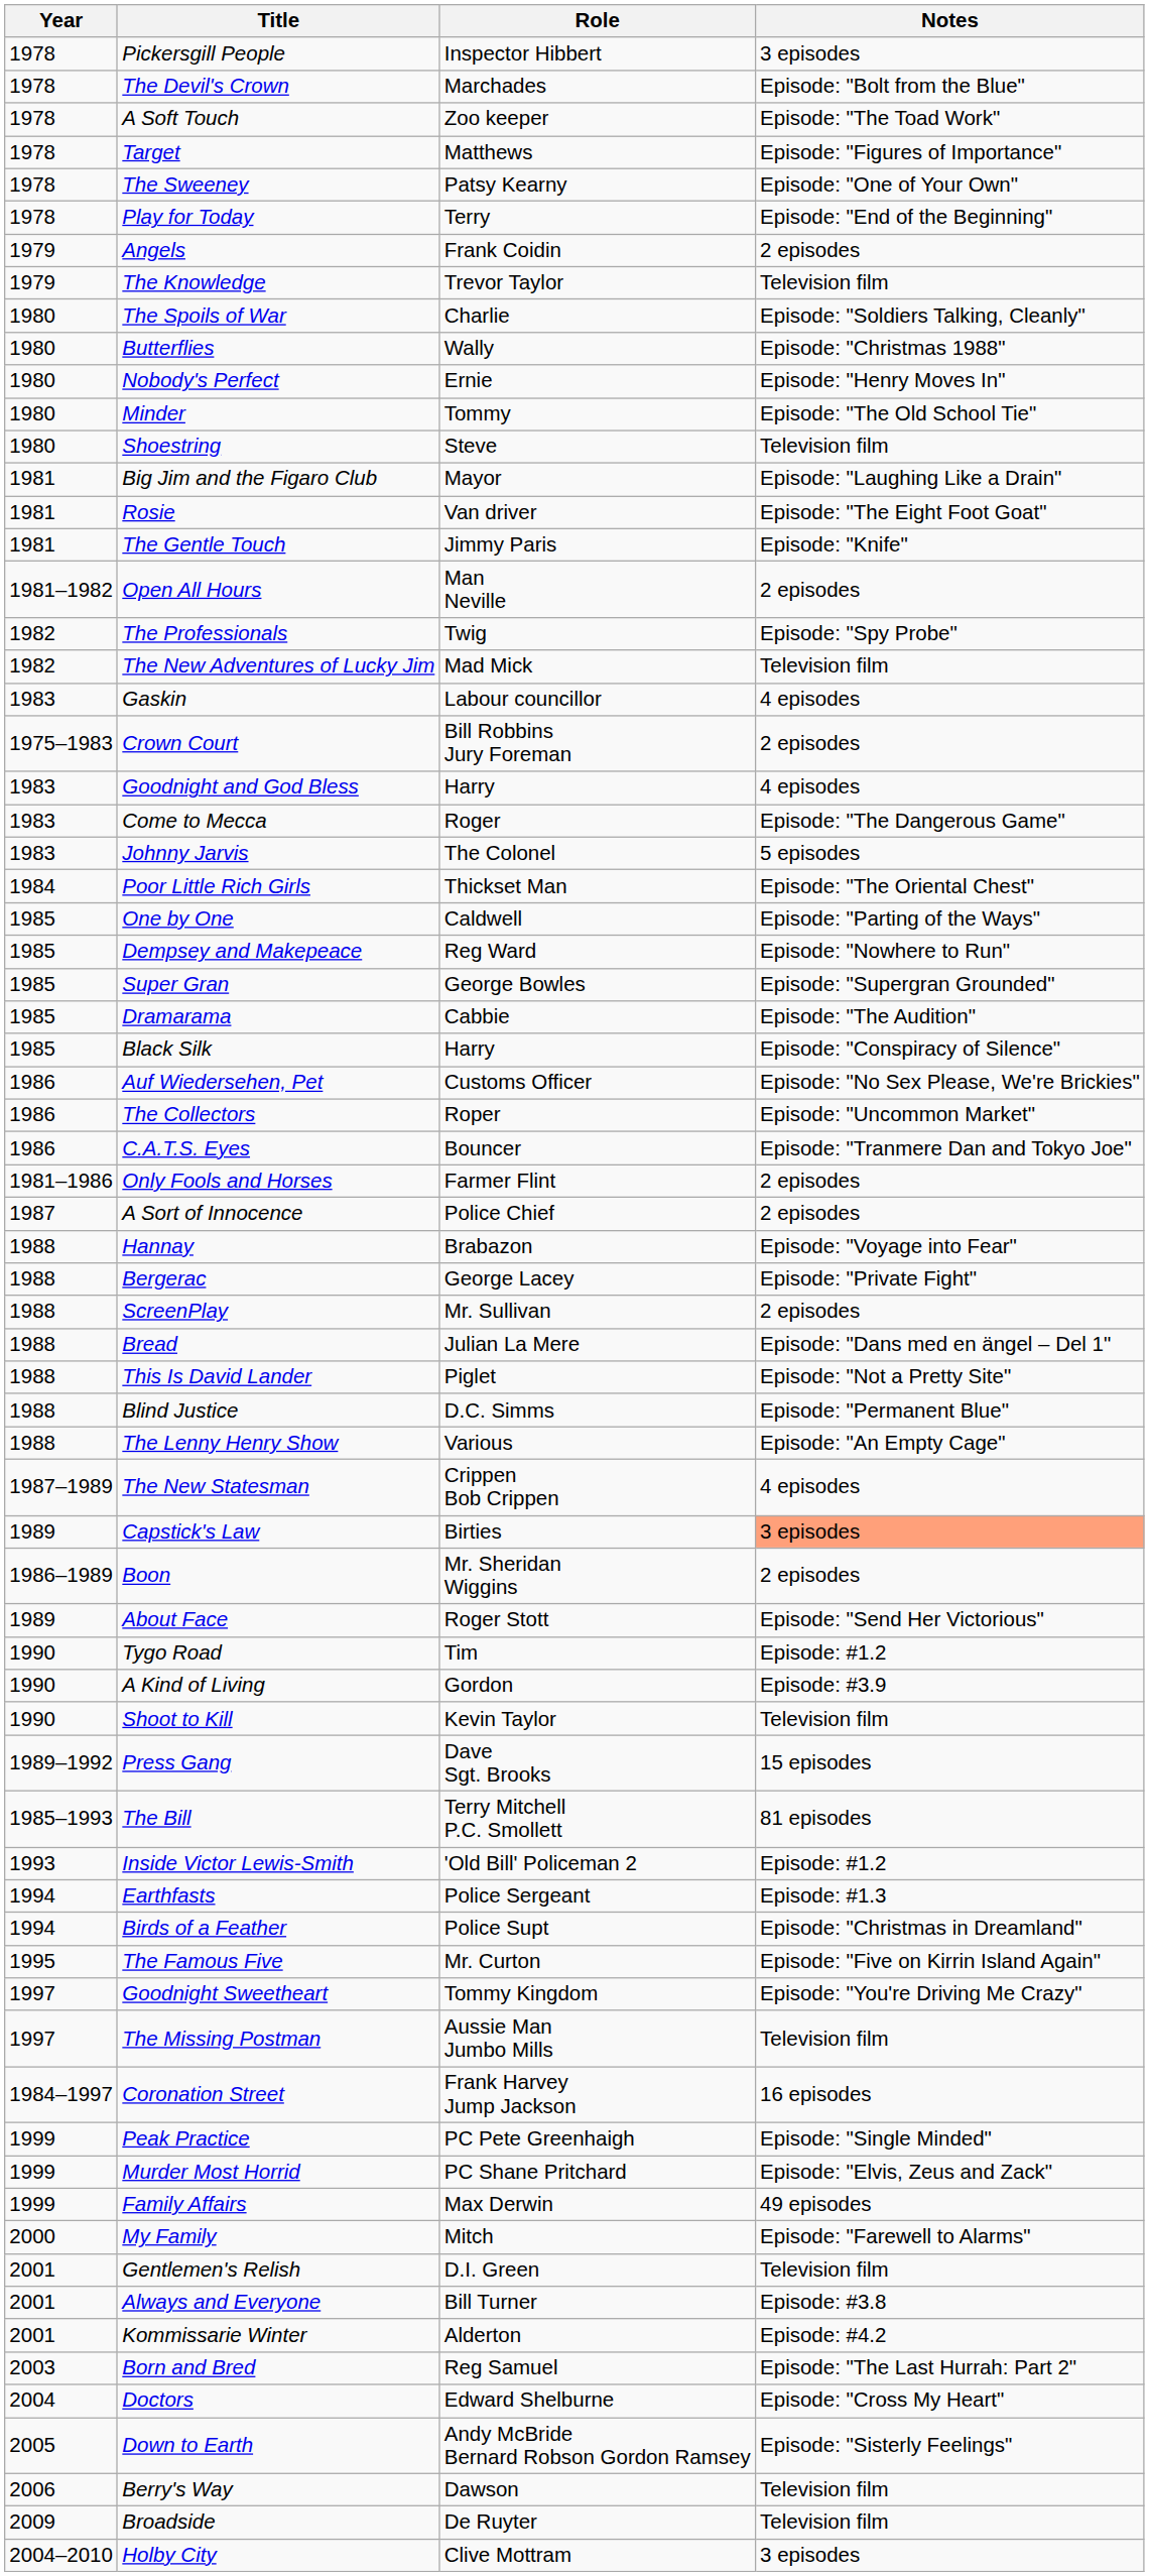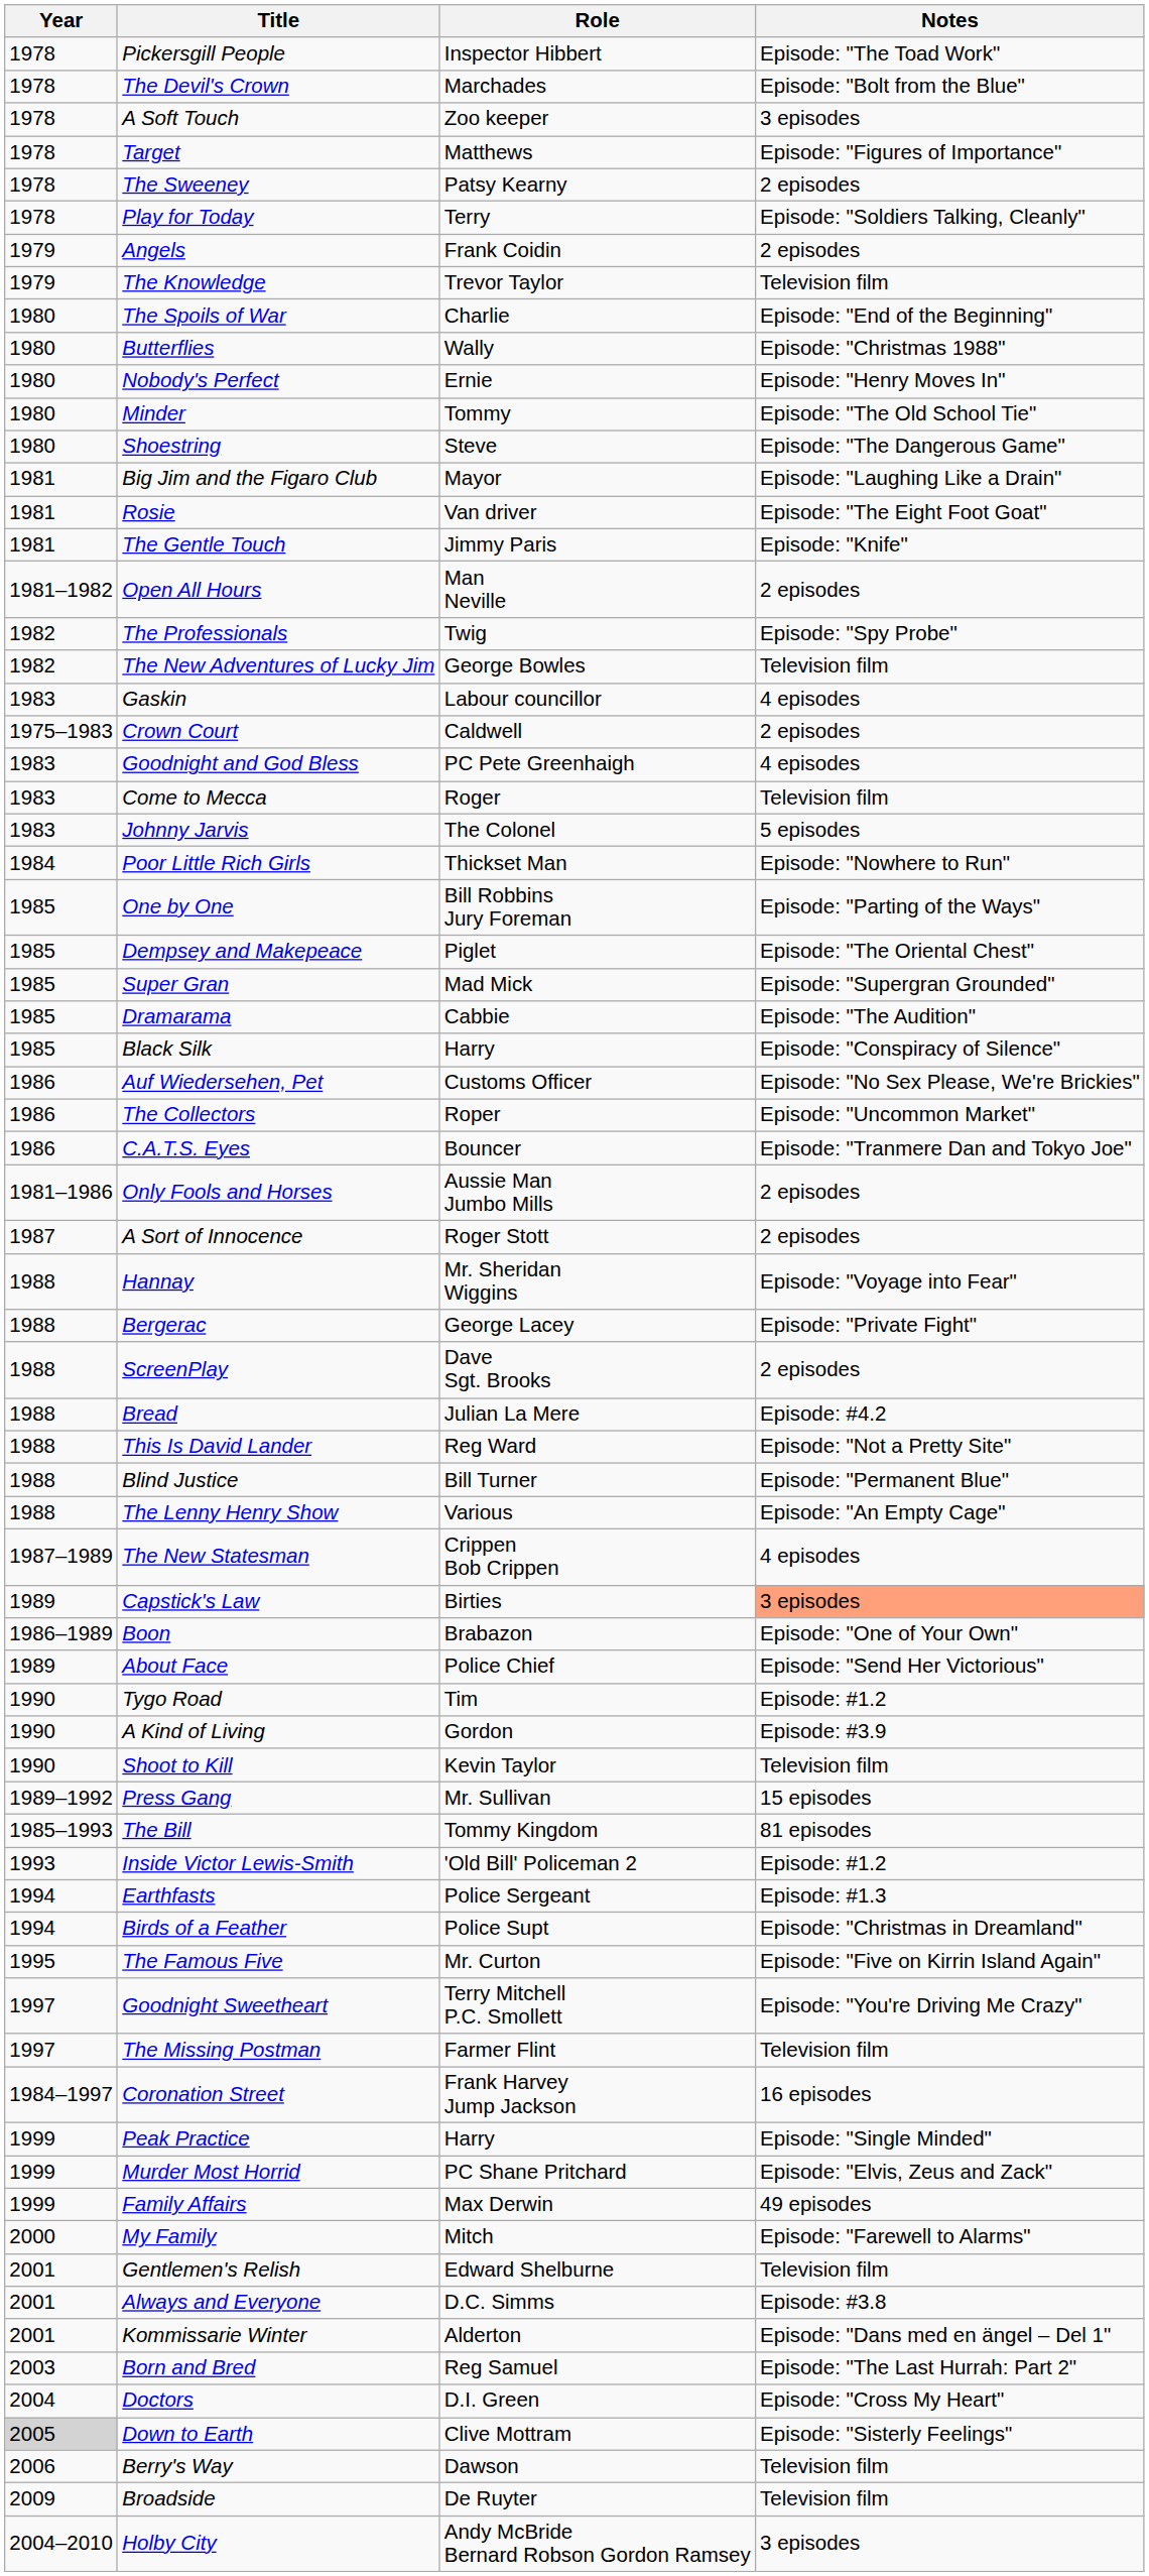 <table class="wikitable sortable">
 <tr>
 <th>Year</th>
 <th>Title</th>
 <th>Role</th>
 <th class="unsortable">Notes</th>
 </tr>
 <tr>
 <td>1978</td>
 <td><em>Pickersgill People</em></td>
 <td>Inspector Hibbert</td>
-<td>3 episodes</td>
+<td>Episode: "The Toad Work"</td>
 </tr>
 <tr>
 <td>1978</td>
 <td><em><a href='#'>The Devil's Crown</a></em></td>
 <td>Marchades</td>
 <td>Episode: "Bolt from the Blue"</td>
 </tr>
 <tr>
 <td>1978</td>
 <td><em>A Soft Touch</em></td>
 <td>Zoo keeper</td>
-<td>Episode: "The Toad Work"</td>
+<td>3 episodes</td>
 </tr>
 <tr>
 <td>1978</td>
 <td><em><a href='#'>Target</a></em></td>
 <td>Matthews</td>
 <td>Episode: "Figures of Importance"</td>
 </tr>
 <tr>
 <td>1978</td>
 <td><em><a href='#'>The Sweeney</a></em></td>
 <td>Patsy Kearny</td>
-<td>Episode: "One of Your Own"</td>
+<td>2 episodes</td>
 </tr>
 <tr>
 <td>1978</td>
 <td><em><a href='#'>Play for Today</a></em></td>
 <td>Terry</td>
-<td>Episode: "End of the Beginning"</td>
+<td>Episode: "Soldiers Talking, Cleanly"</td>
 </tr>
 <tr>
 <td>1979</td>
 <td><em><a href='#'>Angels</a></em></td>
 <td>Frank Coidin</td>
 <td>2 episodes</td>
 </tr>
 <tr>
 <td>1979</td>
 <td><em><a href='#'>The Knowledge</a></em></td>
 <td>Trevor Taylor</td>
 <td>Television film</td>
 </tr>
 <tr>
 <td>1980</td>
 <td><em><a href='#'>The Spoils of War</a></em></td>
 <td>Charlie</td>
-<td>Episode: "Soldiers Talking, Cleanly"</td>
+<td>Episode: "End of the Beginning"</td>
 </tr>
 <tr>
 <td>1980</td>
 <td><em><a href='#'>Butterflies</a></em></td>
 <td>Wally</td>
 <td>Episode: "Christmas 1988"</td>
 </tr>
 <tr>
 <td>1980</td>
 <td><em><a href='#'>Nobody's Perfect</a></em></td>
 <td>Ernie</td>
 <td>Episode: "Henry Moves In"</td>
 </tr>
 <tr>
 <td>1980</td>
 <td><em><a href='#'>Minder</a></em></td>
 <td>Tommy</td>
 <td>Episode: "The Old School Tie"</td>
 </tr>
 <tr>
 <td>1980</td>
 <td><em><a href='#'>Shoestring</a></em></td>
 <td>Steve</td>
-<td>Television film</td>
+<td>Episode: "The Dangerous Game"</td>
 </tr>
 <tr>
 <td>1981</td>
 <td><em>Big Jim and the Figaro Club</em></td>
 <td>Mayor</td>
 <td>Episode: "Laughing Like a Drain"</td>
 </tr>
 <tr>
 <td>1981</td>
 <td><em><a href='#'>Rosie</a></em></td>
 <td>Van driver</td>
 <td>Episode: "The Eight Foot Goat"</td>
 </tr>
 <tr>
 <td>1981</td>
 <td><em><a href='#'>The Gentle Touch</a></em></td>
 <td>Jimmy Paris</td>
 <td>Episode: "Knife"</td>
 </tr>
 <tr>
 <td>1981–1982</td>
 <td><em><a href='#'>Open All Hours</a></em></td>
 <td>Man<br>Neville</td>
 <td>2 episodes</td>
 </tr>
 <tr>
 <td>1982</td>
 <td><em><a href='#'>The Professionals</a></em></td>
 <td>Twig</td>
 <td>Episode: "Spy Probe"</td>
 </tr>
 <tr>
 <td>1982</td>
 <td><em><a href='#'>The New Adventures of Lucky Jim</a></em></td>
-<td>Mad Mick</td>
+<td>George Bowles</td>
 <td>Television film</td>
 </tr>
 <tr>
 <td>1983</td>
 <td><em>Gaskin</em></td>
 <td>Labour councillor</td>
 <td>4 episodes</td>
 </tr>
 <tr>
 <td>1975–1983</td>
 <td><em><a href='#'>Crown Court</a></em></td>
-<td>Bill Robbins<br>Jury Foreman</td>
+<td>Caldwell</td>
 <td>2 episodes</td>
 </tr>
 <tr>
 <td>1983</td>
 <td><em><a href='#'>Goodnight and God Bless</a></em></td>
-<td>Harry</td>
+<td>PC Pete Greenhaigh</td>
 <td>4 episodes</td>
 </tr>
 <tr>
 <td>1983</td>
 <td><em>Come to Mecca</em></td>
 <td>Roger</td>
-<td>Episode: "The Dangerous Game"</td>
+<td>Television film</td>
 </tr>
 <tr>
 <td>1983</td>
 <td><em><a href='#'>Johnny Jarvis</a></em></td>
 <td>The Colonel</td>
 <td>5 episodes</td>
 </tr>
 <tr>
 <td>1984</td>
 <td><em><a href='#'>Poor Little Rich Girls</a></em></td>
 <td>Thickset Man</td>
-<td>Episode: "The Oriental Chest"</td>
+<td>Episode: "Nowhere to Run"</td>
 </tr>
 <tr>
 <td>1985</td>
 <td><em><a href='#'>One by One</a></em></td>
-<td>Caldwell</td>
+<td>Bill Robbins<br>Jury Foreman</td>
 <td>Episode: "Parting of the Ways"</td>
 </tr>
 <tr>
 <td>1985</td>
 <td><em><a href='#'>Dempsey and Makepeace</a></em></td>
-<td>Reg Ward</td>
-<td>Episode: "Nowhere to Run"</td>
+<td>Piglet</td>
+<td>Episode: "The Oriental Chest"</td>
 </tr>
 <tr>
 <td>1985</td>
 <td><em><a href='#'>Super Gran</a></em></td>
-<td>George Bowles</td>
+<td>Mad Mick</td>
 <td>Episode: "Supergran Grounded"</td>
 </tr>
 <tr>
 <td>1985</td>
 <td><em><a href='#'>Dramarama</a></em></td>
 <td>Cabbie</td>
 <td>Episode: "The Audition"</td>
 </tr>
 <tr>
 <td>1985</td>
 <td><em>Black Silk</em></td>
 <td>Harry</td>
 <td>Episode: "Conspiracy of Silence"</td>
 </tr>
 <tr>
 <td>1986</td>
 <td><em><a href='#'>Auf Wiedersehen, Pet</a></em></td>
 <td>Customs Officer</td>
 <td>Episode: "No Sex Please, We're Brickies"</td>
 </tr>
 <tr>
 <td>1986</td>
 <td><em><a href='#'>The Collectors</a></em></td>
 <td>Roper</td>
 <td>Episode: "Uncommon Market"</td>
 </tr>
 <tr>
 <td>1986</td>
 <td><em><a href='#'>C.A.T.S. Eyes</a></em></td>
 <td>Bouncer</td>
 <td>Episode: "Tranmere Dan and Tokyo Joe"</td>
 </tr>
 <tr>
 <td>1981–1986</td>
 <td><em><a href='#'>Only Fools and Horses</a></em></td>
-<td>Farmer Flint</td>
+<td>Aussie Man<br>Jumbo Mills</td>
 <td>2 episodes</td>
 </tr>
 <tr>
 <td>1987</td>
 <td><em>A Sort of Innocence</em></td>
-<td>Police Chief</td>
+<td>Roger Stott</td>
 <td>2 episodes</td>
 </tr>
 <tr>
 <td>1988</td>
 <td><em><a href='#'>Hannay</a></em></td>
-<td>Brabazon</td>
+<td>Mr. Sheridan<br>Wiggins</td>
 <td>Episode: "Voyage into Fear"</td>
 </tr>
 <tr>
 <td>1988</td>
 <td><em><a href='#'>Bergerac</a></em></td>
 <td>George Lacey</td>
 <td>Episode: "Private Fight"</td>
 </tr>
 <tr>
 <td>1988</td>
 <td><em><a href='#'>ScreenPlay</a></em></td>
-<td>Mr. Sullivan</td>
+<td>Dave<br>Sgt. Brooks</td>
 <td>2 episodes</td>
 </tr>
 <tr>
 <td>1988</td>
 <td><em><a href='#'>Bread</a></em></td>
 <td>Julian La Mere</td>
-<td>Episode: "Dans med en ängel – Del 1"</td>
+<td>Episode: #4.2</td>
 </tr>
 <tr>
 <td>1988</td>
 <td><em><a href='#'>This Is David Lander</a></em></td>
-<td>Piglet</td>
+<td>Reg Ward</td>
 <td>Episode: "Not a Pretty Site"</td>
 </tr>
 <tr>
 <td>1988</td>
 <td><em>Blind Justice</em></td>
-<td>D.C. Simms</td>
+<td>Bill Turner</td>
 <td>Episode: "Permanent Blue"</td>
 </tr>
 <tr>
 <td>1988</td>
 <td><em><a href='#'>The Lenny Henry Show</a></em></td>
 <td>Various</td>
 <td>Episode: "An Empty Cage"</td>
 </tr>
 <tr>
 <td>1987–1989</td>
 <td><em><a href='#'>The New Statesman</a></em></td>
 <td>Crippen<br>Bob Crippen</td>
 <td>4 episodes</td>
 </tr>
 <tr>
 <td>1989</td>
 <td><em><a href='#'>Capstick's Law</a></em></td>
 <td>Birties</td>
 <td style="background: lightsalmon;">3 episodes</td>
 </tr>
 <tr>
 <td>1986–1989</td>
 <td><em><a href='#'>Boon</a></em></td>
-<td>Mr. Sheridan<br>Wiggins</td>
-<td>2 episodes</td>
+<td>Brabazon</td>
+<td>Episode: "One of Your Own"</td>
 </tr>
 <tr>
 <td>1989</td>
 <td><em><a href='#'>About Face</a></em></td>
-<td>Roger Stott</td>
+<td>Police Chief</td>
 <td>Episode: "Send Her Victorious"</td>
 </tr>
 <tr>
 <td>1990</td>
 <td><em>Tygo Road</em></td>
 <td>Tim</td>
 <td>Episode: #1.2</td>
 </tr>
 <tr>
 <td>1990</td>
 <td><em>A Kind of Living</em></td>
 <td>Gordon</td>
 <td>Episode: #3.9</td>
 </tr>
 <tr>
 <td>1990</td>
 <td><em><a href='#'>Shoot to Kill</a></em></td>
 <td>Kevin Taylor</td>
 <td>Television film</td>
 </tr>
 <tr>
 <td>1989–1992</td>
 <td><em><a href='#'>Press Gang</a></em></td>
-<td>Dave<br>Sgt. Brooks</td>
+<td>Mr. Sullivan</td>
 <td>15 episodes</td>
 </tr>
 <tr>
 <td>1985–1993</td>
 <td><em><a href='#'>The Bill</a></em></td>
-<td>Terry Mitchell<br>P.C. Smollett</td>
+<td>Tommy Kingdom</td>
 <td>81 episodes</td>
 </tr>
 <tr>
 <td>1993</td>
 <td><em><a href='#'>Inside Victor Lewis-Smith</a></em></td>
 <td>'Old Bill' Policeman 2</td>
 <td>Episode: #1.2</td>
 </tr>
 <tr>
 <td>1994</td>
 <td><em><a href='#'>Earthfasts</a></em></td>
 <td>Police Sergeant</td>
 <td>Episode: #1.3</td>
 </tr>
 <tr>
 <td>1994</td>
 <td><em><a href='#'>Birds of a Feather</a></em></td>
 <td>Police Supt</td>
 <td>Episode: "Christmas in Dreamland"</td>
 </tr>
 <tr>
 <td>1995</td>
 <td><em><a href='#'>The Famous Five</a></em></td>
 <td>Mr. Curton</td>
 <td>Episode: "Five on Kirrin Island Again"</td>
 </tr>
 <tr>
 <td>1997</td>
 <td><em><a href='#'>Goodnight Sweetheart</a></em></td>
-<td>Tommy Kingdom</td>
+<td>Terry Mitchell<br>P.C. Smollett</td>
 <td>Episode: "You're Driving Me Crazy"</td>
 </tr>
 <tr>
 <td>1997</td>
 <td><em><a href='#'>The Missing Postman</a></em></td>
-<td>Aussie Man<br>Jumbo Mills</td>
+<td>Farmer Flint</td>
 <td>Television film</td>
 </tr>
 <tr>
 <td>1984–1997</td>
 <td><em><a href='#'>Coronation Street</a></em></td>
 <td>Frank Harvey<br>Jump Jackson</td>
 <td>16 episodes</td>
 </tr>
 <tr>
 <td>1999</td>
 <td><em><a href='#'>Peak Practice</a></em></td>
-<td>PC Pete Greenhaigh</td>
+<td>Harry</td>
 <td>Episode: "Single Minded"</td>
 </tr>
 <tr>
 <td>1999</td>
 <td><em><a href='#'>Murder Most Horrid</a></em></td>
 <td>PC Shane Pritchard</td>
 <td>Episode: "Elvis, Zeus and Zack"</td>
 </tr>
 <tr>
 <td>1999</td>
 <td><em><a href='#'>Family Affairs</a></em></td>
 <td>Max Derwin</td>
 <td>49 episodes</td>
 </tr>
 <tr>
 <td>2000</td>
 <td><em><a href='#'>My Family</a></em></td>
 <td>Mitch</td>
 <td>Episode: "Farewell to Alarms"</td>
 </tr>
 <tr>
 <td>2001</td>
 <td><em>Gentlemen's Relish</em></td>
-<td>D.I. Green</td>
+<td>Edward Shelburne</td>
 <td>Television film</td>
 </tr>
 <tr>
 <td>2001</td>
 <td><em><a href='#'>Always and Everyone</a></em></td>
-<td>Bill Turner</td>
+<td>D.C. Simms</td>
 <td>Episode: #3.8</td>
 </tr>
 <tr>
 <td>2001</td>
 <td><em>Kommissarie Winter</em></td>
 <td>Alderton</td>
-<td>Episode: #4.2</td>
+<td>Episode: "Dans med en ängel – Del 1"</td>
 </tr>
 <tr>
 <td>2003</td>
 <td><em><a href='#'>Born and Bred</a></em></td>
 <td>Reg Samuel</td>
 <td>Episode: "The Last Hurrah: Part 2"</td>
 </tr>
 <tr>
 <td>2004</td>
 <td><em><a href='#'>Doctors</a></em></td>
-<td>Edward Shelburne</td>
+<td>D.I. Green</td>
 <td>Episode: "Cross My Heart"</td>
 </tr>
 <tr>
-<td>2005</td>
+<td style="background: lightgrey;">2005</td>
 <td><em><a href='#'>Down to Earth</a></em></td>
-<td>Andy McBride<br>Bernard Robson Gordon Ramsey</td>
+<td>Clive Mottram</td>
 <td>Episode: "Sisterly Feelings"</td>
 </tr>
 <tr>
 <td>2006</td>
 <td><em>Berry's Way</em></td>
 <td>Dawson</td>
 <td>Television film</td>
 </tr>
 <tr>
 <td>2009</td>
 <td><em>Broadside</em></td>
 <td>De Ruyter</td>
 <td>Television film</td>
 </tr>
 <tr>
 <td>2004–2010</td>
 <td><em><a href='#'>Holby City</a></em></td>
-<td>Clive Mottram</td>
+<td>Andy McBride<br>Bernard Robson Gordon Ramsey</td>
 <td>3 episodes</td>
 </tr>
 </table>
